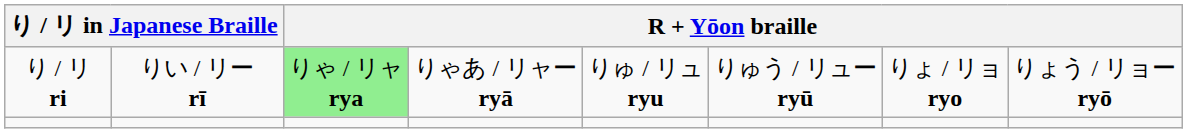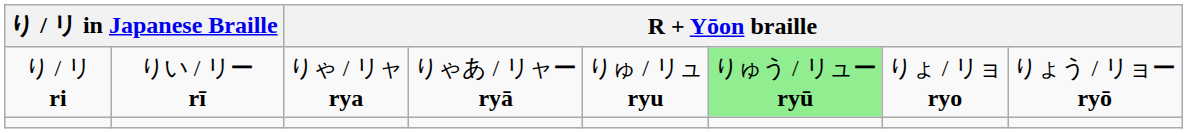 <table class="wikitable nowrap" style="text-align:center">
 <tr>
 <th colspan=2>り / リ in <a href='#'>Japanese Braille</a></th>
 <th colspan=6>R + <a href='#'>Yōon</a> braille</th>
 </tr>
 <tr>
 <td>り / リ <br><strong>ri</strong></td>
 <td>りい / リー <br><strong>rī</strong></td>
-<td style="background: lightgreen;">りゃ / リャ <br><strong>rya</strong></td>
+<td>りゃ / リャ <br><strong>rya</strong></td>
 <td>りゃあ / リャー <br><strong>ryā</strong></td>
 <td>りゅ / リュ <br><strong>ryu</strong></td>
-<td>りゅう / リュー <br><strong>ryū</strong></td>
+<td style="background: lightgreen;">りゅう / リュー <br><strong>ryū</strong></td>
 <td>りょ / リョ <br><strong>ryo</strong></td>
 <td>りょう / リョー <br><strong>ryō</strong></td>
 </tr>
 <tr>
 <td></td>
 <td></td>
 <td></td>
 <td></td>
 <td></td>
 <td></td>
 <td></td>
 <td></td>
 </tr>
 </table>
